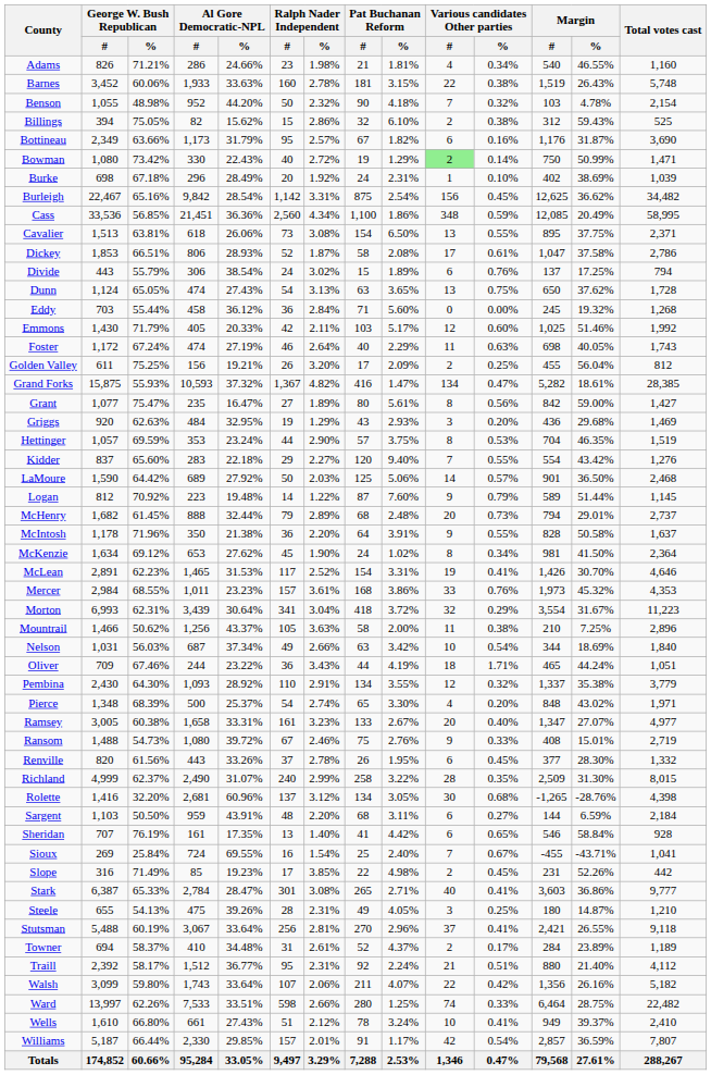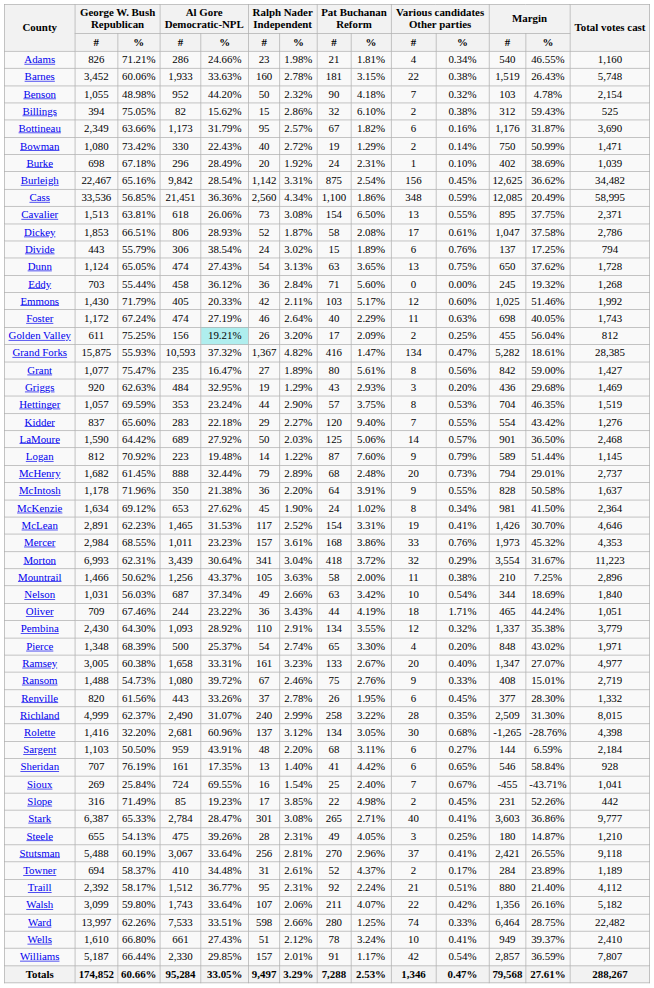 <table width="60%" class="wikitable sortable">
 <tr>
 <th rowspan="2">County</th>
 <th colspan="2">George W. Bush<br>Republican</th>
 <th colspan="2">Al Gore<br>Democratic-NPL</th>
 <th colspan="2">Ralph Nader<br>Independent</th>
 <th colspan="2">Pat Buchanan<br>Reform</th>
 <th colspan="2">Various candidates<br>Other parties</th>
 <th colspan="2">Margin</th>
 <th rowspan="2">Total votes cast</th>
 </tr>
 <tr style="text-align:center;">
 <th data-sort-type="number">#</th>
 <th data-sort-type="number">%</th>
 <th data-sort-type="number">#</th>
 <th data-sort-type="number">%</th>
 <th data-sort-type="number">#</th>
 <th data-sort-type="number">%</th>
 <th data-sort-type="number">#</th>
 <th data-sort-type="number">%</th>
 <th data-sort-type="number">#</th>
 <th data-sort-type="number">%</th>
 <th data-sort-type="number">#</th>
 <th data-sort-type="number">%</th>
 </tr>
 <tr style="text-align:center;">
 <td><a href='#'>Adams</a></td>
 <td>826</td>
 <td>71.21%</td>
 <td>286</td>
 <td>24.66%</td>
 <td>23</td>
 <td>1.98%</td>
 <td>21</td>
 <td>1.81%</td>
 <td>4</td>
 <td>0.34%</td>
 <td>540</td>
 <td>46.55%</td>
 <td>1,160</td>
 </tr>
 <tr style="text-align:center;">
 <td><a href='#'>Barnes</a></td>
 <td>3,452</td>
 <td>60.06%</td>
 <td>1,933</td>
 <td>33.63%</td>
 <td>160</td>
 <td>2.78%</td>
 <td>181</td>
 <td>3.15%</td>
 <td>22</td>
 <td>0.38%</td>
 <td>1,519</td>
 <td>26.43%</td>
 <td>5,748</td>
 </tr>
 <tr style="text-align:center;">
 <td><a href='#'>Benson</a></td>
 <td>1,055</td>
 <td>48.98%</td>
 <td>952</td>
 <td>44.20%</td>
 <td>50</td>
 <td>2.32%</td>
 <td>90</td>
 <td>4.18%</td>
 <td>7</td>
 <td>0.32%</td>
 <td>103</td>
 <td>4.78%</td>
 <td>2,154</td>
 </tr>
 <tr style="text-align:center;">
 <td><a href='#'>Billings</a></td>
 <td>394</td>
 <td>75.05%</td>
 <td>82</td>
 <td>15.62%</td>
 <td>15</td>
 <td>2.86%</td>
 <td>32</td>
 <td>6.10%</td>
 <td>2</td>
 <td>0.38%</td>
 <td>312</td>
 <td>59.43%</td>
 <td>525</td>
 </tr>
 <tr style="text-align:center;">
 <td><a href='#'>Bottineau</a></td>
 <td>2,349</td>
 <td>63.66%</td>
 <td>1,173</td>
 <td>31.79%</td>
 <td>95</td>
 <td>2.57%</td>
 <td>67</td>
 <td>1.82%</td>
 <td>6</td>
 <td>0.16%</td>
 <td>1,176</td>
 <td>31.87%</td>
 <td>3,690</td>
 </tr>
 <tr style="text-align:center;">
 <td><a href='#'>Bowman</a></td>
 <td>1,080</td>
 <td>73.42%</td>
 <td>330</td>
 <td>22.43%</td>
 <td>40</td>
 <td>2.72%</td>
 <td>19</td>
 <td>1.29%</td>
-<td style="background: lightgreen;">2</td>
+<td>2</td>
 <td>0.14%</td>
 <td>750</td>
 <td>50.99%</td>
 <td>1,471</td>
 </tr>
 <tr style="text-align:center;">
 <td><a href='#'>Burke</a></td>
 <td>698</td>
 <td>67.18%</td>
 <td>296</td>
 <td>28.49%</td>
 <td>20</td>
 <td>1.92%</td>
 <td>24</td>
 <td>2.31%</td>
 <td>1</td>
 <td>0.10%</td>
 <td>402</td>
 <td>38.69%</td>
 <td>1,039</td>
 </tr>
 <tr style="text-align:center;">
 <td><a href='#'>Burleigh</a></td>
 <td>22,467</td>
 <td>65.16%</td>
 <td>9,842</td>
 <td>28.54%</td>
 <td>1,142</td>
 <td>3.31%</td>
 <td>875</td>
 <td>2.54%</td>
 <td>156</td>
 <td>0.45%</td>
 <td>12,625</td>
 <td>36.62%</td>
 <td>34,482</td>
 </tr>
 <tr style="text-align:center;">
 <td><a href='#'>Cass</a></td>
 <td>33,536</td>
 <td>56.85%</td>
 <td>21,451</td>
 <td>36.36%</td>
 <td>2,560</td>
 <td>4.34%</td>
 <td>1,100</td>
 <td>1.86%</td>
 <td>348</td>
 <td>0.59%</td>
 <td>12,085</td>
 <td>20.49%</td>
 <td>58,995</td>
 </tr>
 <tr style="text-align:center;">
 <td><a href='#'>Cavalier</a></td>
 <td>1,513</td>
 <td>63.81%</td>
 <td>618</td>
 <td>26.06%</td>
 <td>73</td>
 <td>3.08%</td>
 <td>154</td>
 <td>6.50%</td>
 <td>13</td>
 <td>0.55%</td>
 <td>895</td>
 <td>37.75%</td>
 <td>2,371</td>
 </tr>
 <tr style="text-align:center;">
 <td><a href='#'>Dickey</a></td>
 <td>1,853</td>
 <td>66.51%</td>
 <td>806</td>
 <td>28.93%</td>
 <td>52</td>
 <td>1.87%</td>
 <td>58</td>
 <td>2.08%</td>
 <td>17</td>
 <td>0.61%</td>
 <td>1,047</td>
 <td>37.58%</td>
 <td>2,786</td>
 </tr>
 <tr style="text-align:center;">
 <td><a href='#'>Divide</a></td>
 <td>443</td>
 <td>55.79%</td>
 <td>306</td>
 <td>38.54%</td>
 <td>24</td>
 <td>3.02%</td>
 <td>15</td>
 <td>1.89%</td>
 <td>6</td>
 <td>0.76%</td>
 <td>137</td>
 <td>17.25%</td>
 <td>794</td>
 </tr>
 <tr style="text-align:center;">
 <td><a href='#'>Dunn</a></td>
 <td>1,124</td>
 <td>65.05%</td>
 <td>474</td>
 <td>27.43%</td>
 <td>54</td>
 <td>3.13%</td>
 <td>63</td>
 <td>3.65%</td>
 <td>13</td>
 <td>0.75%</td>
 <td>650</td>
 <td>37.62%</td>
 <td>1,728</td>
 </tr>
 <tr style="text-align:center;">
 <td><a href='#'>Eddy</a></td>
 <td>703</td>
 <td>55.44%</td>
 <td>458</td>
 <td>36.12%</td>
 <td>36</td>
 <td>2.84%</td>
 <td>71</td>
 <td>5.60%</td>
 <td>0</td>
 <td>0.00%</td>
 <td>245</td>
 <td>19.32%</td>
 <td>1,268</td>
 </tr>
 <tr style="text-align:center;">
 <td><a href='#'>Emmons</a></td>
 <td>1,430</td>
 <td>71.79%</td>
 <td>405</td>
 <td>20.33%</td>
 <td>42</td>
 <td>2.11%</td>
 <td>103</td>
 <td>5.17%</td>
 <td>12</td>
 <td>0.60%</td>
 <td>1,025</td>
 <td>51.46%</td>
 <td>1,992</td>
 </tr>
 <tr style="text-align:center;">
 <td><a href='#'>Foster</a></td>
 <td>1,172</td>
 <td>67.24%</td>
 <td>474</td>
 <td>27.19%</td>
 <td>46</td>
 <td>2.64%</td>
 <td>40</td>
 <td>2.29%</td>
 <td>11</td>
 <td>0.63%</td>
 <td>698</td>
 <td>40.05%</td>
 <td>1,743</td>
 </tr>
 <tr style="text-align:center;">
 <td><a href='#'>Golden Valley</a></td>
 <td>611</td>
 <td>75.25%</td>
 <td>156</td>
-<td>19.21%</td>
+<td style="background: paleturquoise;">19.21%</td>
 <td>26</td>
 <td>3.20%</td>
 <td>17</td>
 <td>2.09%</td>
 <td>2</td>
 <td>0.25%</td>
 <td>455</td>
 <td>56.04%</td>
 <td>812</td>
 </tr>
 <tr style="text-align:center;">
 <td><a href='#'>Grand Forks</a></td>
 <td>15,875</td>
 <td>55.93%</td>
 <td>10,593</td>
 <td>37.32%</td>
 <td>1,367</td>
 <td>4.82%</td>
 <td>416</td>
 <td>1.47%</td>
 <td>134</td>
 <td>0.47%</td>
 <td>5,282</td>
 <td>18.61%</td>
 <td>28,385</td>
 </tr>
 <tr style="text-align:center;">
 <td><a href='#'>Grant</a></td>
 <td>1,077</td>
 <td>75.47%</td>
 <td>235</td>
 <td>16.47%</td>
 <td>27</td>
 <td>1.89%</td>
 <td>80</td>
 <td>5.61%</td>
 <td>8</td>
 <td>0.56%</td>
 <td>842</td>
 <td>59.00%</td>
 <td>1,427</td>
 </tr>
 <tr style="text-align:center;">
 <td><a href='#'>Griggs</a></td>
 <td>920</td>
 <td>62.63%</td>
 <td>484</td>
 <td>32.95%</td>
 <td>19</td>
 <td>1.29%</td>
 <td>43</td>
 <td>2.93%</td>
 <td>3</td>
 <td>0.20%</td>
 <td>436</td>
 <td>29.68%</td>
 <td>1,469</td>
 </tr>
 <tr style="text-align:center;">
 <td><a href='#'>Hettinger</a></td>
 <td>1,057</td>
 <td>69.59%</td>
 <td>353</td>
 <td>23.24%</td>
 <td>44</td>
 <td>2.90%</td>
 <td>57</td>
 <td>3.75%</td>
 <td>8</td>
 <td>0.53%</td>
 <td>704</td>
 <td>46.35%</td>
 <td>1,519</td>
 </tr>
 <tr style="text-align:center;">
 <td><a href='#'>Kidder</a></td>
 <td>837</td>
 <td>65.60%</td>
 <td>283</td>
 <td>22.18%</td>
 <td>29</td>
 <td>2.27%</td>
 <td>120</td>
 <td>9.40%</td>
 <td>7</td>
 <td>0.55%</td>
 <td>554</td>
 <td>43.42%</td>
 <td>1,276</td>
 </tr>
 <tr style="text-align:center;">
 <td><a href='#'>LaMoure</a></td>
 <td>1,590</td>
 <td>64.42%</td>
 <td>689</td>
 <td>27.92%</td>
 <td>50</td>
 <td>2.03%</td>
 <td>125</td>
 <td>5.06%</td>
 <td>14</td>
 <td>0.57%</td>
 <td>901</td>
 <td>36.50%</td>
 <td>2,468</td>
 </tr>
 <tr style="text-align:center;">
 <td><a href='#'>Logan</a></td>
 <td>812</td>
 <td>70.92%</td>
 <td>223</td>
 <td>19.48%</td>
 <td>14</td>
 <td>1.22%</td>
 <td>87</td>
 <td>7.60%</td>
 <td>9</td>
 <td>0.79%</td>
 <td>589</td>
 <td>51.44%</td>
 <td>1,145</td>
 </tr>
 <tr style="text-align:center;">
 <td><a href='#'>McHenry</a></td>
 <td>1,682</td>
 <td>61.45%</td>
 <td>888</td>
 <td>32.44%</td>
 <td>79</td>
 <td>2.89%</td>
 <td>68</td>
 <td>2.48%</td>
 <td>20</td>
 <td>0.73%</td>
 <td>794</td>
 <td>29.01%</td>
 <td>2,737</td>
 </tr>
 <tr style="text-align:center;">
 <td><a href='#'>McIntosh</a></td>
 <td>1,178</td>
 <td>71.96%</td>
 <td>350</td>
 <td>21.38%</td>
 <td>36</td>
 <td>2.20%</td>
 <td>64</td>
 <td>3.91%</td>
 <td>9</td>
 <td>0.55%</td>
 <td>828</td>
 <td>50.58%</td>
 <td>1,637</td>
 </tr>
 <tr style="text-align:center;">
 <td><a href='#'>McKenzie</a></td>
 <td>1,634</td>
 <td>69.12%</td>
 <td>653</td>
 <td>27.62%</td>
 <td>45</td>
 <td>1.90%</td>
 <td>24</td>
 <td>1.02%</td>
 <td>8</td>
 <td>0.34%</td>
 <td>981</td>
 <td>41.50%</td>
 <td>2,364</td>
 </tr>
 <tr style="text-align:center;">
 <td><a href='#'>McLean</a></td>
 <td>2,891</td>
 <td>62.23%</td>
 <td>1,465</td>
 <td>31.53%</td>
 <td>117</td>
 <td>2.52%</td>
 <td>154</td>
 <td>3.31%</td>
 <td>19</td>
 <td>0.41%</td>
 <td>1,426</td>
 <td>30.70%</td>
 <td>4,646</td>
 </tr>
 <tr style="text-align:center;">
 <td><a href='#'>Mercer</a></td>
 <td>2,984</td>
 <td>68.55%</td>
 <td>1,011</td>
 <td>23.23%</td>
 <td>157</td>
 <td>3.61%</td>
 <td>168</td>
 <td>3.86%</td>
 <td>33</td>
 <td>0.76%</td>
 <td>1,973</td>
 <td>45.32%</td>
 <td>4,353</td>
 </tr>
 <tr style="text-align:center;">
 <td><a href='#'>Morton</a></td>
 <td>6,993</td>
 <td>62.31%</td>
 <td>3,439</td>
 <td>30.64%</td>
 <td>341</td>
 <td>3.04%</td>
 <td>418</td>
 <td>3.72%</td>
 <td>32</td>
 <td>0.29%</td>
 <td>3,554</td>
 <td>31.67%</td>
 <td>11,223</td>
 </tr>
 <tr style="text-align:center;">
 <td><a href='#'>Mountrail</a></td>
 <td>1,466</td>
 <td>50.62%</td>
 <td>1,256</td>
 <td>43.37%</td>
 <td>105</td>
 <td>3.63%</td>
 <td>58</td>
 <td>2.00%</td>
 <td>11</td>
 <td>0.38%</td>
 <td>210</td>
 <td>7.25%</td>
 <td>2,896</td>
 </tr>
 <tr style="text-align:center;">
 <td><a href='#'>Nelson</a></td>
 <td>1,031</td>
 <td>56.03%</td>
 <td>687</td>
 <td>37.34%</td>
 <td>49</td>
 <td>2.66%</td>
 <td>63</td>
 <td>3.42%</td>
 <td>10</td>
 <td>0.54%</td>
 <td>344</td>
 <td>18.69%</td>
 <td>1,840</td>
 </tr>
 <tr style="text-align:center;">
 <td><a href='#'>Oliver</a></td>
 <td>709</td>
 <td>67.46%</td>
 <td>244</td>
 <td>23.22%</td>
 <td>36</td>
 <td>3.43%</td>
 <td>44</td>
 <td>4.19%</td>
 <td>18</td>
 <td>1.71%</td>
 <td>465</td>
 <td>44.24%</td>
 <td>1,051</td>
 </tr>
 <tr style="text-align:center;">
 <td><a href='#'>Pembina</a></td>
 <td>2,430</td>
 <td>64.30%</td>
 <td>1,093</td>
 <td>28.92%</td>
 <td>110</td>
 <td>2.91%</td>
 <td>134</td>
 <td>3.55%</td>
 <td>12</td>
 <td>0.32%</td>
 <td>1,337</td>
 <td>35.38%</td>
 <td>3,779</td>
 </tr>
 <tr style="text-align:center;">
 <td><a href='#'>Pierce</a></td>
 <td>1,348</td>
 <td>68.39%</td>
 <td>500</td>
 <td>25.37%</td>
 <td>54</td>
 <td>2.74%</td>
 <td>65</td>
 <td>3.30%</td>
 <td>4</td>
 <td>0.20%</td>
 <td>848</td>
 <td>43.02%</td>
 <td>1,971</td>
 </tr>
 <tr style="text-align:center;">
 <td><a href='#'>Ramsey</a></td>
 <td>3,005</td>
 <td>60.38%</td>
 <td>1,658</td>
 <td>33.31%</td>
 <td>161</td>
 <td>3.23%</td>
 <td>133</td>
 <td>2.67%</td>
 <td>20</td>
 <td>0.40%</td>
 <td>1,347</td>
 <td>27.07%</td>
 <td>4,977</td>
 </tr>
 <tr style="text-align:center;">
 <td><a href='#'>Ransom</a></td>
 <td>1,488</td>
 <td>54.73%</td>
 <td>1,080</td>
 <td>39.72%</td>
 <td>67</td>
 <td>2.46%</td>
 <td>75</td>
 <td>2.76%</td>
 <td>9</td>
 <td>0.33%</td>
 <td>408</td>
 <td>15.01%</td>
 <td>2,719</td>
 </tr>
 <tr style="text-align:center;">
 <td><a href='#'>Renville</a></td>
 <td>820</td>
 <td>61.56%</td>
 <td>443</td>
 <td>33.26%</td>
 <td>37</td>
 <td>2.78%</td>
 <td>26</td>
 <td>1.95%</td>
 <td>6</td>
 <td>0.45%</td>
 <td>377</td>
 <td>28.30%</td>
 <td>1,332</td>
 </tr>
 <tr style="text-align:center;">
 <td><a href='#'>Richland</a></td>
 <td>4,999</td>
 <td>62.37%</td>
 <td>2,490</td>
 <td>31.07%</td>
 <td>240</td>
 <td>2.99%</td>
 <td>258</td>
 <td>3.22%</td>
 <td>28</td>
 <td>0.35%</td>
 <td>2,509</td>
 <td>31.30%</td>
 <td>8,015</td>
 </tr>
 <tr style="text-align:center;">
 <td><a href='#'>Rolette</a></td>
 <td>1,416</td>
 <td>32.20%</td>
 <td>2,681</td>
 <td>60.96%</td>
 <td>137</td>
 <td>3.12%</td>
 <td>134</td>
 <td>3.05%</td>
 <td>30</td>
 <td>0.68%</td>
 <td>-1,265</td>
 <td>-28.76%</td>
 <td>4,398</td>
 </tr>
 <tr style="text-align:center;">
 <td><a href='#'>Sargent</a></td>
 <td>1,103</td>
 <td>50.50%</td>
 <td>959</td>
 <td>43.91%</td>
 <td>48</td>
 <td>2.20%</td>
 <td>68</td>
 <td>3.11%</td>
 <td>6</td>
 <td>0.27%</td>
 <td>144</td>
 <td>6.59%</td>
 <td>2,184</td>
 </tr>
 <tr style="text-align:center;">
 <td><a href='#'>Sheridan</a></td>
 <td>707</td>
 <td>76.19%</td>
 <td>161</td>
 <td>17.35%</td>
 <td>13</td>
 <td>1.40%</td>
 <td>41</td>
 <td>4.42%</td>
 <td>6</td>
 <td>0.65%</td>
 <td>546</td>
 <td>58.84%</td>
 <td>928</td>
 </tr>
 <tr style="text-align:center;">
 <td><a href='#'>Sioux</a></td>
 <td>269</td>
 <td>25.84%</td>
 <td>724</td>
 <td>69.55%</td>
 <td>16</td>
 <td>1.54%</td>
 <td>25</td>
 <td>2.40%</td>
 <td>7</td>
 <td>0.67%</td>
 <td>-455</td>
 <td>-43.71%</td>
 <td>1,041</td>
 </tr>
 <tr style="text-align:center;">
 <td><a href='#'>Slope</a></td>
 <td>316</td>
 <td>71.49%</td>
 <td>85</td>
 <td>19.23%</td>
 <td>17</td>
 <td>3.85%</td>
 <td>22</td>
 <td>4.98%</td>
 <td>2</td>
 <td>0.45%</td>
 <td>231</td>
 <td>52.26%</td>
 <td>442</td>
 </tr>
 <tr style="text-align:center;">
 <td><a href='#'>Stark</a></td>
 <td>6,387</td>
 <td>65.33%</td>
 <td>2,784</td>
 <td>28.47%</td>
 <td>301</td>
 <td>3.08%</td>
 <td>265</td>
 <td>2.71%</td>
 <td>40</td>
 <td>0.41%</td>
 <td>3,603</td>
 <td>36.86%</td>
 <td>9,777</td>
 </tr>
 <tr style="text-align:center;">
 <td><a href='#'>Steele</a></td>
 <td>655</td>
 <td>54.13%</td>
 <td>475</td>
 <td>39.26%</td>
 <td>28</td>
 <td>2.31%</td>
 <td>49</td>
 <td>4.05%</td>
 <td>3</td>
 <td>0.25%</td>
 <td>180</td>
 <td>14.87%</td>
 <td>1,210</td>
 </tr>
 <tr style="text-align:center;">
 <td><a href='#'>Stutsman</a></td>
 <td>5,488</td>
 <td>60.19%</td>
 <td>3,067</td>
 <td>33.64%</td>
 <td>256</td>
 <td>2.81%</td>
 <td>270</td>
 <td>2.96%</td>
 <td>37</td>
 <td>0.41%</td>
 <td>2,421</td>
 <td>26.55%</td>
 <td>9,118</td>
 </tr>
 <tr style="text-align:center;">
 <td><a href='#'>Towner</a></td>
 <td>694</td>
 <td>58.37%</td>
 <td>410</td>
 <td>34.48%</td>
 <td>31</td>
 <td>2.61%</td>
 <td>52</td>
 <td>4.37%</td>
 <td>2</td>
 <td>0.17%</td>
 <td>284</td>
 <td>23.89%</td>
 <td>1,189</td>
 </tr>
 <tr style="text-align:center;">
 <td><a href='#'>Traill</a></td>
 <td>2,392</td>
 <td>58.17%</td>
 <td>1,512</td>
 <td>36.77%</td>
 <td>95</td>
 <td>2.31%</td>
 <td>92</td>
 <td>2.24%</td>
 <td>21</td>
 <td>0.51%</td>
 <td>880</td>
 <td>21.40%</td>
 <td>4,112</td>
 </tr>
 <tr style="text-align:center;">
 <td><a href='#'>Walsh</a></td>
 <td>3,099</td>
 <td>59.80%</td>
 <td>1,743</td>
 <td>33.64%</td>
 <td>107</td>
 <td>2.06%</td>
 <td>211</td>
 <td>4.07%</td>
 <td>22</td>
 <td>0.42%</td>
 <td>1,356</td>
 <td>26.16%</td>
 <td>5,182</td>
 </tr>
 <tr style="text-align:center;">
 <td><a href='#'>Ward</a></td>
 <td>13,997</td>
 <td>62.26%</td>
 <td>7,533</td>
 <td>33.51%</td>
 <td>598</td>
 <td>2.66%</td>
 <td>280</td>
 <td>1.25%</td>
 <td>74</td>
 <td>0.33%</td>
 <td>6,464</td>
 <td>28.75%</td>
 <td>22,482</td>
 </tr>
 <tr style="text-align:center;">
 <td><a href='#'>Wells</a></td>
 <td>1,610</td>
 <td>66.80%</td>
 <td>661</td>
 <td>27.43%</td>
 <td>51</td>
 <td>2.12%</td>
 <td>78</td>
 <td>3.24%</td>
 <td>10</td>
 <td>0.41%</td>
 <td>949</td>
 <td>39.37%</td>
 <td>2,410</td>
 </tr>
 <tr style="text-align:center;">
 <td><a href='#'>Williams</a></td>
 <td>5,187</td>
 <td>66.44%</td>
 <td>2,330</td>
 <td>29.85%</td>
 <td>157</td>
 <td>2.01%</td>
 <td>91</td>
 <td>1.17%</td>
 <td>42</td>
 <td>0.54%</td>
 <td>2,857</td>
 <td>36.59%</td>
 <td>7,807</td>
 </tr>
 <tr>
 <th>Totals</th>
 <th>174,852</th>
 <th>60.66%</th>
 <th>95,284</th>
 <th>33.05%</th>
 <th>9,497</th>
 <th>3.29%</th>
 <th>7,288</th>
 <th>2.53%</th>
 <th>1,346</th>
 <th>0.47%</th>
 <th>79,568</th>
 <th>27.61%</th>
 <th>288,267</th>
 </tr>
 </table>
